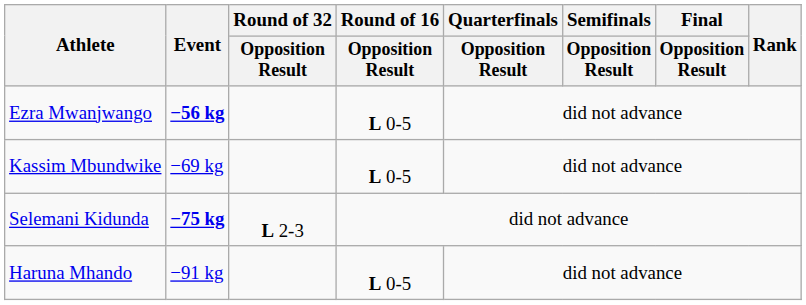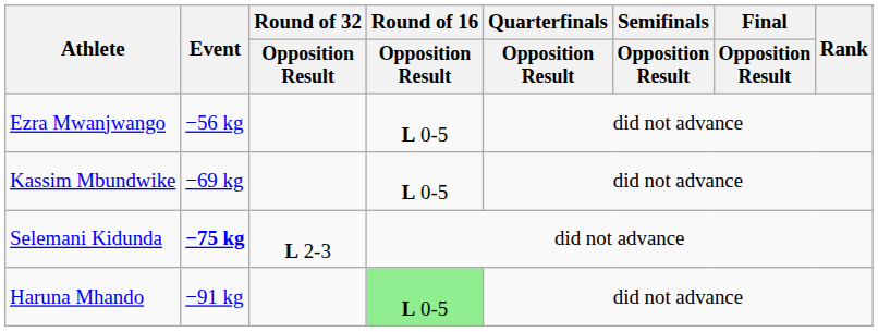 <table class="wikitable" style="font-size:90%;">
 <tr>
 <th rowspan=2>Athlete</th>
 <th rowspan=2>Event</th>
 <th>Round of 32</th>
 <th>Round of 16</th>
 <th>Quarterfinals</th>
 <th>Semifinals</th>
 <th>Final</th>
 <th rowspan=2>Rank</th>
 </tr>
 <tr style="font-size:95%">
 <th>Opposition<br>Result</th>
 <th>Opposition<br>Result</th>
 <th>Opposition<br>Result</th>
 <th>Opposition<br>Result</th>
 <th>Opposition<br>Result</th>
 </tr>
 <tr align=center>
 <td align=left><a href='#'>Ezra Mwanjwango</a></td>
-<td align=left><strong><a href='#'>−56 kg</a></strong></td>
+<td align=left><a href='#'>−56 kg</a></td>
 <td></td>
 <td><br> <strong>L</strong> 0-5</td>
 <td Colspan=4>did not advance</td>
 </tr>
 <tr align=center>
 <td align=left><a href='#'>Kassim Mbundwike</a></td>
 <td align=left><a href='#'>−69 kg</a></td>
 <td></td>
 <td><br> <strong>L</strong> 0-5</td>
 <td Colspan=4>did not advance</td>
 </tr>
 <tr align=center>
 <td align=left><a href='#'>Selemani Kidunda</a></td>
 <td align=left><strong><a href='#'>−75 kg</a></strong></td>
 <td><br> <strong>L</strong> 2-3</td>
 <td Colspan=5>did not advance</td>
 </tr>
 <tr align=center>
 <td align=left><a href='#'>Haruna Mhando</a></td>
 <td align=left><a href='#'>−91 kg</a></td>
 <td></td>
-<td><br> <strong>L</strong> 0-5</td>
+<td style="background: lightgreen;"><br> <strong>L</strong> 0-5</td>
 <td Colspan=4>did not advance</td>
 </tr>
 </table>
